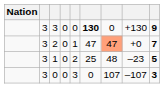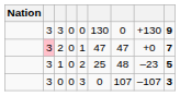 <table class="wikitable" style="text-align: center;">
 <tr>
 <th>Nation</th>
 <th></th>
 <th></th>
 <th></th>
 <th></th>
 <th></th>
 <th></th>
 <th></th>
 <th></th>
 </tr>
 <tr>
 <td align=left></td>
 <td>3</td>
 <td>3</td>
 <td>0</td>
 <td>0</td>
-<td><strong>130</strong></td>
+<td>130</td>
 <td>0</td>
 <td>+130</td>
 <td><strong>9</strong></td>
 </tr>
 <tr>
 <td align=left></td>
-<td>3</td>
+<td style="background: pink;">3</td>
 <td>2</td>
 <td>0</td>
 <td>1</td>
 <td>47</td>
-<td style="background: lightsalmon;">47</td>
+<td>47</td>
 <td>+0</td>
 <td><strong>7</strong></td>
 </tr>
 <tr>
 <td align=left></td>
 <td>3</td>
 <td>1</td>
 <td>0</td>
 <td>2</td>
 <td>25</td>
 <td>48</td>
 <td>–23</td>
 <td><strong>5</strong></td>
 </tr>
 <tr>
 <td align=left></td>
 <td>3</td>
 <td>0</td>
 <td>0</td>
 <td>3</td>
 <td>0</td>
 <td>107</td>
 <td>–107</td>
 <td><strong>3</strong></td>
 </tr>
 </table>
